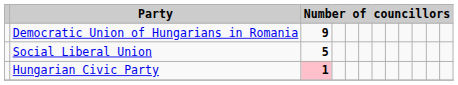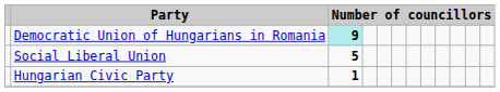 <table class="wikitable">
 <tr>
 <th style="background:#ccc"></th>
 <th style="background:#ccc">Party</th>
 <th style="background:#ccc" colspan="10">Number of councillors</th>
 </tr>
 <tr>
 <td></td>
 <td><a href='#'>Democratic Union of Hungarians in Romania</a></td>
-<td style="text-align: right"><strong>9</strong></td>
+<td style="background: paleturquoise; text-align: right"><strong>9</strong></td>
 <td></td>
 <td></td>
 <td></td>
 <td></td>
 <td></td>
 <td></td>
 <td></td>
 <td></td>
 <td></td>
 </tr>
 <tr>
 <td></td>
 <td><a href='#'>Social Liberal Union</a></td>
 <td style="text-align: right"><strong>5</strong></td>
 <td></td>
 <td></td>
 <td></td>
 <td></td>
 <td></td>
 <td></td>
 <td></td>
 <td></td>
 <td></td>
 </tr>
 <tr>
 <td></td>
 <td><a href='#'>Hungarian Civic Party</a></td>
-<td style="background: pink; text-align: right"><strong>1</strong></td>
+<td style="text-align: right"><strong>1</strong></td>
 <td></td>
 <td></td>
 <td></td>
 <td></td>
 <td></td>
 <td></td>
 <td></td>
 <td></td>
 <td></td>
 </tr>
 <tr>
 </tr>
 </table>
